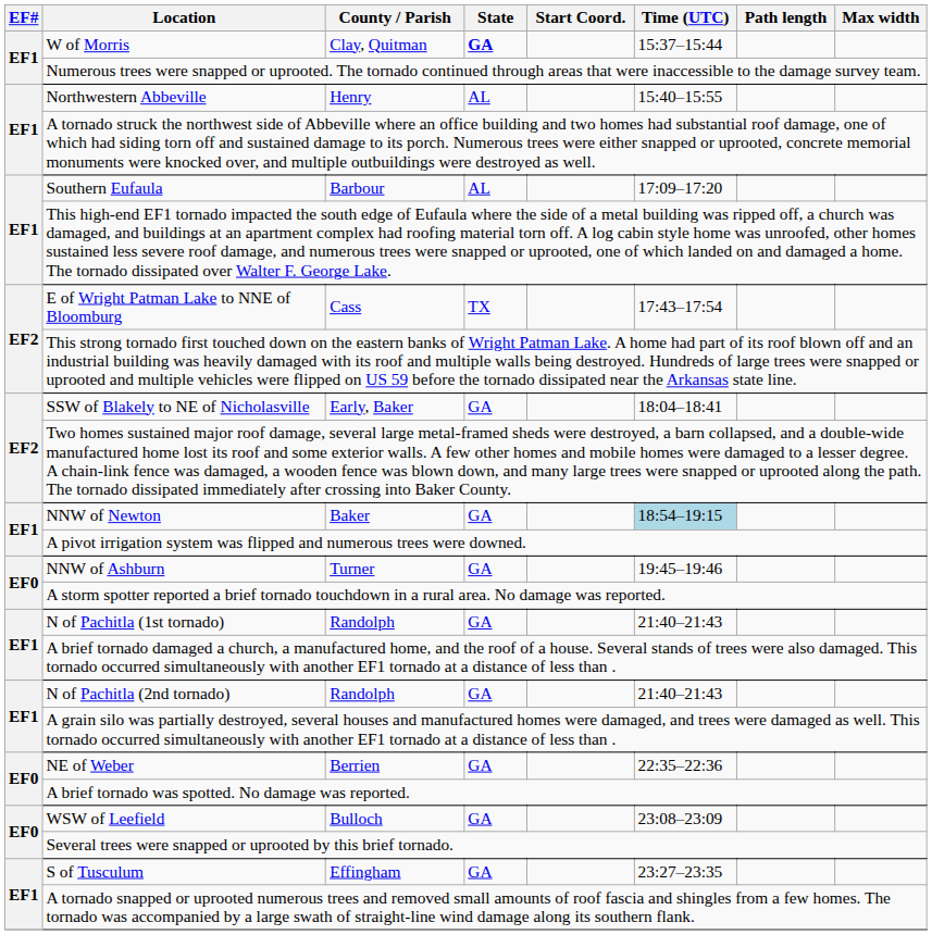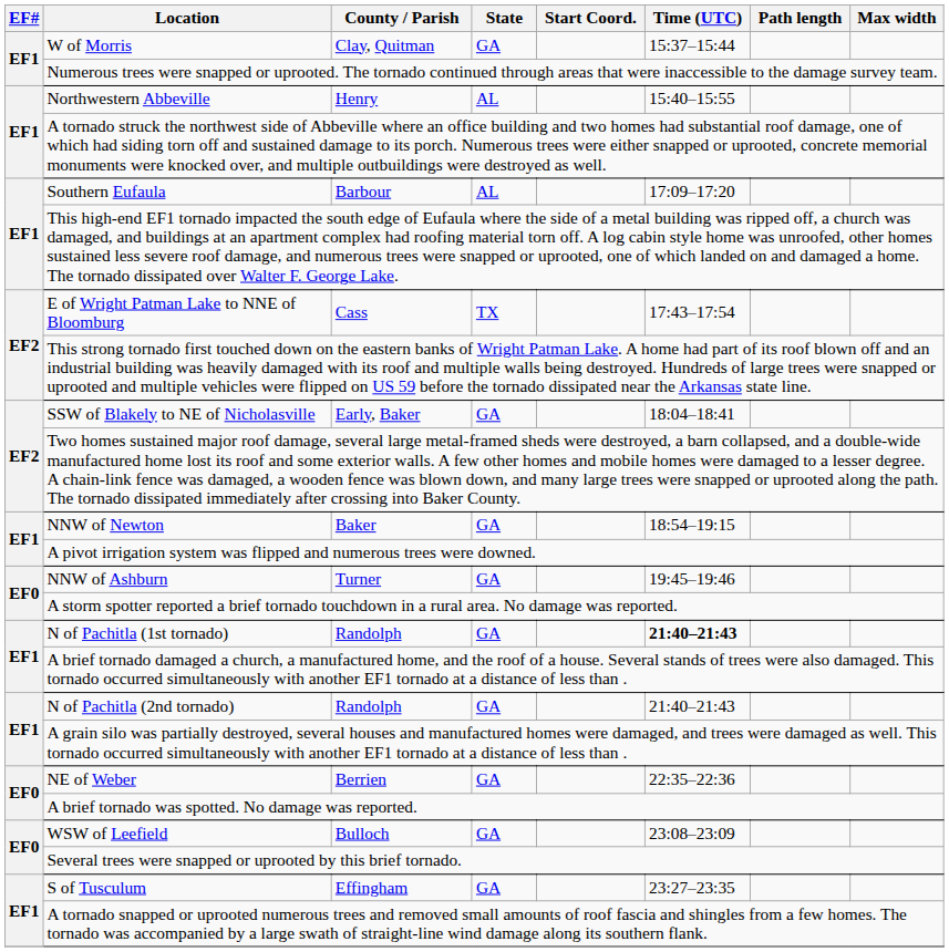 <table class="wikitable sortable" style="width:100%;">
 <tr>
 <th scope="col" width="2%" align="center"><a href='#'>EF#</a></th>
 <th scope="col" align="center" class="unsortable">Location</th>
 <th scope="col" align="center" class="unsortable">County / Parish</th>
 <th scope="col" align="center">State</th>
 <th scope="col" align="center">Start Coord.</th>
 <th scope="col" align="center">Time (<a href='#'>UTC</a>)</th>
 <th scope="col" align="center">Path length</th>
 <th scope="col" align="center">Max width</th>
 </tr>
 <tr>
 <th scope="row" rowspan="2" style="background-color:#">EF1</th>
 <td>W of <a href='#'>Morris</a></td>
 <td><a href='#'>Clay</a>, <a href='#'>Quitman</a></td>
-<td><strong><a href='#'>GA</a></strong></td>
+<td><a href='#'>GA</a></td>
 <td></td>
 <td>15:37–15:44</td>
 <td></td>
 <td></td>
 </tr>
 <tr class="expand-child">
 <td colspan="8" style=" border-bottom: 1px solid black;">Numerous trees were snapped or uprooted. The tornado continued through areas that were inaccessible to the damage survey team.</td>
 </tr>
 <tr>
 <th scope="row" rowspan="2" style="background-color:#">EF1</th>
 <td>Northwestern <a href='#'>Abbeville</a></td>
 <td><a href='#'>Henry</a></td>
 <td><a href='#'>AL</a></td>
 <td></td>
 <td>15:40–15:55</td>
 <td></td>
 <td></td>
 </tr>
 <tr class="expand-child">
 <td colspan="8" style=" border-bottom: 1px solid black;">A tornado struck the northwest side of Abbeville where an office building and two homes had substantial roof damage, one of which had siding torn off and sustained damage to its porch. Numerous trees were either snapped or uprooted, concrete memorial monuments were knocked over, and multiple outbuildings were destroyed as well.</td>
 </tr>
 <tr>
 <th scope="row" rowspan="2" style="background-color:#">EF1</th>
 <td>Southern <a href='#'>Eufaula</a></td>
 <td><a href='#'>Barbour</a></td>
 <td><a href='#'>AL</a></td>
 <td></td>
 <td>17:09–17:20</td>
 <td></td>
 <td></td>
 </tr>
 <tr class="expand-child">
 <td colspan="8" style=" border-bottom: 1px solid black;">This high-end EF1 tornado impacted the south edge of Eufaula where the side of a metal building was ripped off, a church was damaged, and buildings at an apartment complex had roofing material torn off. A log cabin style home was unroofed, other homes sustained less severe roof damage, and numerous trees were snapped or uprooted, one of which landed on and damaged a home. The tornado dissipated over <a href='#'>Walter F. George Lake</a>.</td>
 </tr>
 <tr>
 <th scope="row" rowspan="2" style="background-color:#">EF2</th>
 <td>E of <a href='#'>Wright Patman Lake</a> to NNE of <a href='#'>Bloomburg</a></td>
 <td><a href='#'>Cass</a></td>
 <td><a href='#'>TX</a></td>
 <td></td>
 <td>17:43–17:54</td>
 <td></td>
 <td></td>
 </tr>
 <tr class="expand-child">
 <td colspan="8" style=" border-bottom: 1px solid black;">This strong tornado first touched down on the eastern banks of <a href='#'>Wright Patman Lake</a>. A home had part of its roof blown off and an industrial building was heavily damaged with its roof and multiple walls being destroyed. Hundreds of large trees were snapped or uprooted and multiple vehicles were flipped on <a href='#'>US 59</a> before the tornado dissipated near the <a href='#'>Arkansas</a> state line.</td>
 </tr>
 <tr>
 <th scope="row" rowspan="2" style="background-color:#">EF2</th>
 <td>SSW of <a href='#'>Blakely</a> to NE of <a href='#'>Nicholasville</a></td>
 <td><a href='#'>Early</a>, <a href='#'>Baker</a></td>
 <td><a href='#'>GA</a></td>
 <td></td>
 <td>18:04–18:41</td>
 <td></td>
 <td></td>
 </tr>
 <tr class="expand-child">
 <td colspan="8" style=" border-bottom: 1px solid black;">Two homes sustained major roof damage, several large metal-framed sheds were destroyed, a barn collapsed, and a double-wide manufactured home lost its roof and some exterior walls. A few other homes and mobile homes were damaged to a lesser degree. A chain-link fence was damaged, a wooden fence was blown down, and many large trees were snapped or uprooted along the path. The tornado dissipated immediately after crossing into Baker County.</td>
 </tr>
 <tr>
 <th scope="row" rowspan="2" style="background-color:#">EF1</th>
 <td>NNW of <a href='#'>Newton</a></td>
 <td><a href='#'>Baker</a></td>
 <td><a href='#'>GA</a></td>
 <td></td>
-<td style="background: lightblue;">18:54–19:15</td>
+<td>18:54–19:15</td>
 <td></td>
 <td></td>
 </tr>
 <tr class="expand-child">
 <td colspan="8" style=" border-bottom: 1px solid black;">A pivot irrigation system was flipped and numerous trees were downed.</td>
 </tr>
 <tr>
 <th scope="row" rowspan="2" style="background-color:#">EF0</th>
 <td>NNW of <a href='#'>Ashburn</a></td>
 <td><a href='#'>Turner</a></td>
 <td><a href='#'>GA</a></td>
 <td></td>
 <td>19:45–19:46</td>
 <td></td>
 <td></td>
 </tr>
 <tr class="expand-child">
 <td colspan="8" style=" border-bottom: 1px solid black;">A storm spotter reported a brief tornado touchdown in a rural area. No damage was reported.</td>
 </tr>
 <tr>
 <th scope="row" rowspan="2" style="background-color:#">EF1</th>
 <td>N of <a href='#'>Pachitla</a> (1st tornado)</td>
 <td><a href='#'>Randolph</a></td>
 <td><a href='#'>GA</a></td>
 <td></td>
-<td>21:40–21:43</td>
+<td><strong>21:40–21:43</strong></td>
 <td></td>
 <td></td>
 </tr>
 <tr class="expand-child">
 <td colspan="8" style=" border-bottom: 1px solid black;">A brief tornado damaged a church, a manufactured home, and the roof of a house. Several stands of trees were also damaged. This tornado occurred simultaneously with another EF1 tornado at a distance of less than .</td>
 </tr>
 <tr>
 <th scope="row" rowspan="2" style="background-color:#">EF1</th>
 <td>N of <a href='#'>Pachitla</a> (2nd tornado)</td>
 <td><a href='#'>Randolph</a></td>
 <td><a href='#'>GA</a></td>
 <td></td>
 <td>21:40–21:43</td>
 <td></td>
 <td></td>
 </tr>
 <tr class="expand-child">
 <td colspan="8" style=" border-bottom: 1px solid black;">A grain silo was partially destroyed, several houses and manufactured homes were damaged, and trees were damaged as well. This tornado occurred simultaneously with another EF1 tornado at a distance of less than .</td>
 </tr>
 <tr>
 <th scope="row" rowspan="2" style="background-color:#">EF0</th>
 <td>NE of <a href='#'>Weber</a></td>
 <td><a href='#'>Berrien</a></td>
 <td><a href='#'>GA</a></td>
 <td></td>
 <td>22:35–22:36</td>
 <td></td>
 <td></td>
 </tr>
 <tr class="expand-child">
 <td colspan="8" style=" border-bottom: 1px solid black;">A brief tornado was spotted. No damage was reported.</td>
 </tr>
 <tr>
 <th scope="row" rowspan="2" style="background-color:#">EF0</th>
 <td>WSW of <a href='#'>Leefield</a></td>
 <td><a href='#'>Bulloch</a></td>
 <td><a href='#'>GA</a></td>
 <td></td>
 <td>23:08–23:09</td>
 <td></td>
 <td></td>
 </tr>
 <tr class="expand-child">
 <td colspan="8" style=" border-bottom: 1px solid black;">Several trees were snapped or uprooted by this brief tornado.</td>
 </tr>
 <tr>
 <th scope="row" rowspan="2" style="background-color:#">EF1</th>
 <td>S of <a href='#'>Tusculum</a></td>
 <td><a href='#'>Effingham</a></td>
 <td><a href='#'>GA</a></td>
 <td></td>
 <td>23:27–23:35</td>
 <td></td>
 <td></td>
 </tr>
 <tr class="expand-child">
 <td colspan="8" style=" border-bottom: 1px solid black;">A tornado snapped or uprooted numerous trees and removed small amounts of roof fascia and shingles from a few homes. The tornado was accompanied by a large swath of straight-line wind damage along its southern flank.</td>
 </tr>
 <tr>
 </tr>
 </table>
